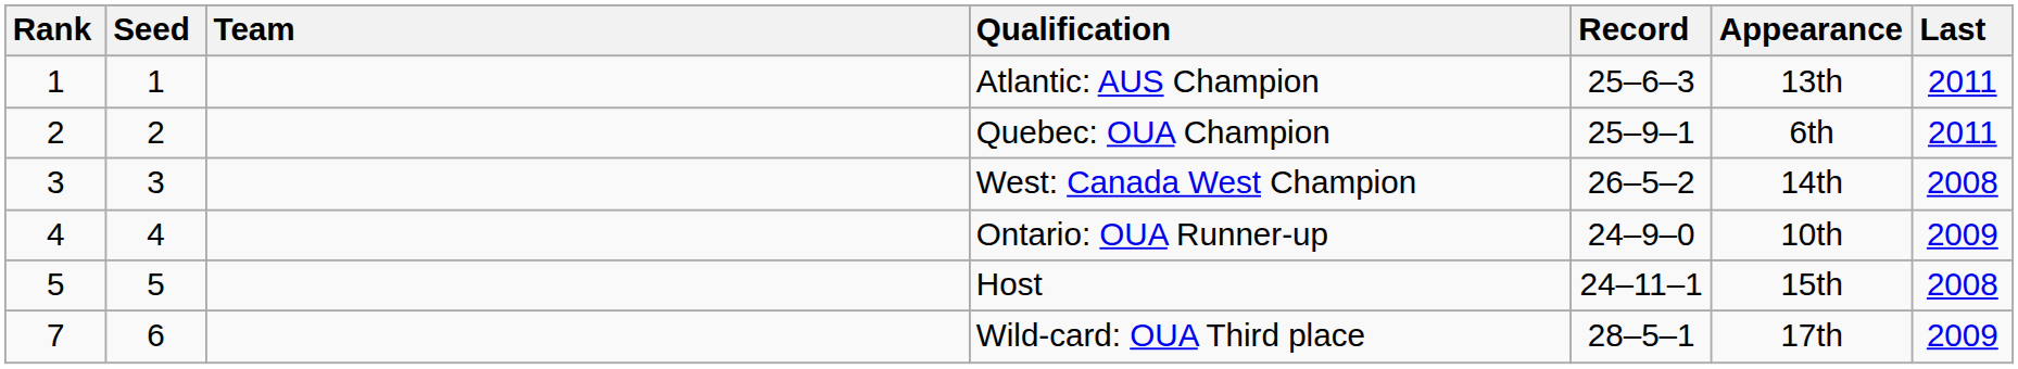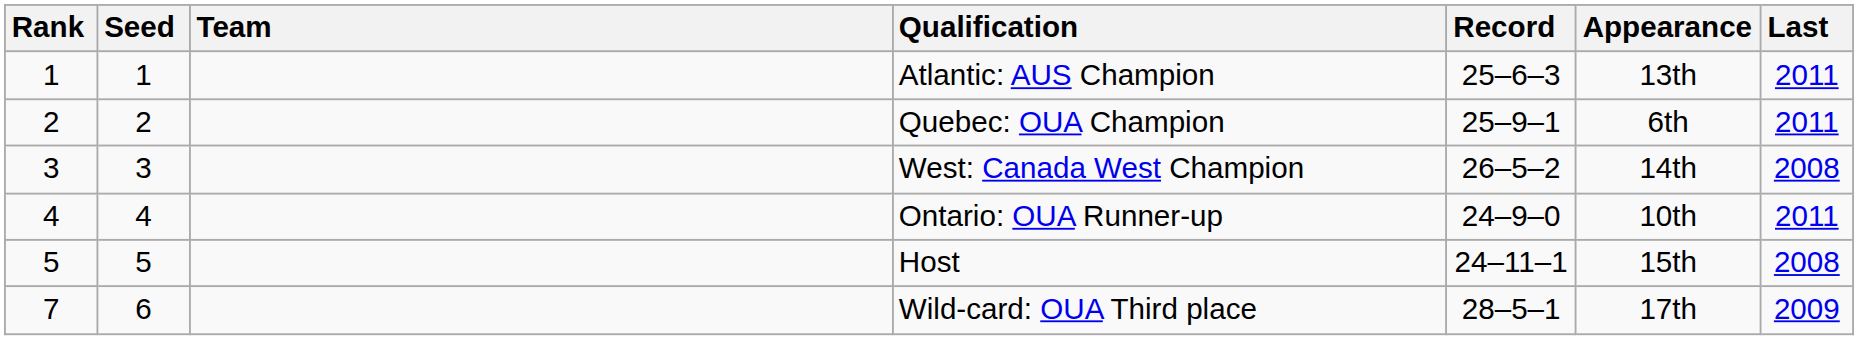 <table class="wikitable sortable" style="text-align: center;" width=1000>
 <tr style="background:#efefef; text-align:center">
 <th style="text-align:left" width=5%>Rank</th>
 <th style="text-align:left" width=5%>Seed</th>
 <th style="text-align:left" width=38%>Team</th>
 <th style="text-align:left" width=30%>Qualification</th>
 <th style="text-align:left" width=7%>Record</th>
 <th style="text-align:left" width=10%>Appearance</th>
 <th style="text-align:left" width=6%>Last</th>
 </tr>
 <tr style="text-align:center">
 <td style="text-align:center">1</td>
 <td style="text-align:center">1</td>
 <td style="text-align:left; "><a href='#'></a></td>
 <td style="text-align:left">Atlantic: <a href='#'>AUS</a> Champion</td>
 <td style="text-align:center">25–6–3</td>
 <td style=center>13th</td>
 <td style="text-align:center"><a href='#'>2011</a></td>
 </tr>
 <tr style="text-align:center">
 <td style="text-align:center">2</td>
 <td style="text-align:center">2</td>
 <td style="text-align:left; "><a href='#'></a></td>
 <td style="text-align:left">Quebec: <a href='#'>OUA</a> Champion</td>
 <td style="text-align:center">25–9–1</td>
 <td style=center>6th</td>
 <td style="text-align:center"><a href='#'>2011</a></td>
 </tr>
 <tr style="text-align:center">
 <td style="text-align:center">3</td>
 <td style="text-align:center">3</td>
 <td style="text-align:left; "><a href='#'></a></td>
 <td style="text-align:left">West: <a href='#'>Canada West</a> Champion</td>
 <td style="text-align:center">26–5–2</td>
 <td style=center>14th</td>
 <td style="text-align:center"><a href='#'>2008</a></td>
 </tr>
 <tr style="text-align:center">
 <td style="text-align:center">4</td>
 <td style="text-align:center">4</td>
 <td style="text-align:left; "><a href='#'></a></td>
 <td style="text-align:left">Ontario: <a href='#'>OUA</a> Runner-up</td>
 <td style="text-align:center">24–9–0</td>
 <td style=center>10th</td>
-<td style="text-align:center"><a href='#'>2009</a></td>
+<td style="text-align:center"><a href='#'>2011</a></td>
 </tr>
 <tr style="text-align:center">
 <td style="text-align:center">5</td>
 <td style="text-align:center">5</td>
 <td style="text-align:left; "><a href='#'></a></td>
 <td style="text-align:left">Host</td>
 <td style="text-align:center">24–11–1</td>
 <td style=center>15th</td>
 <td style="text-align:center"><a href='#'>2008</a></td>
 </tr>
 <tr style="text-align:center">
 <td style="text-align:center">7</td>
 <td style="text-align:center">6</td>
 <td style="text-align:left; "><a href='#'></a></td>
 <td style="text-align:left">Wild-card: <a href='#'>OUA</a> Third place</td>
 <td style="text-align:center">28–5–1</td>
 <td style=center>17th</td>
 <td style="text-align:center"><a href='#'>2009</a></td>
 </tr>
 </table>
